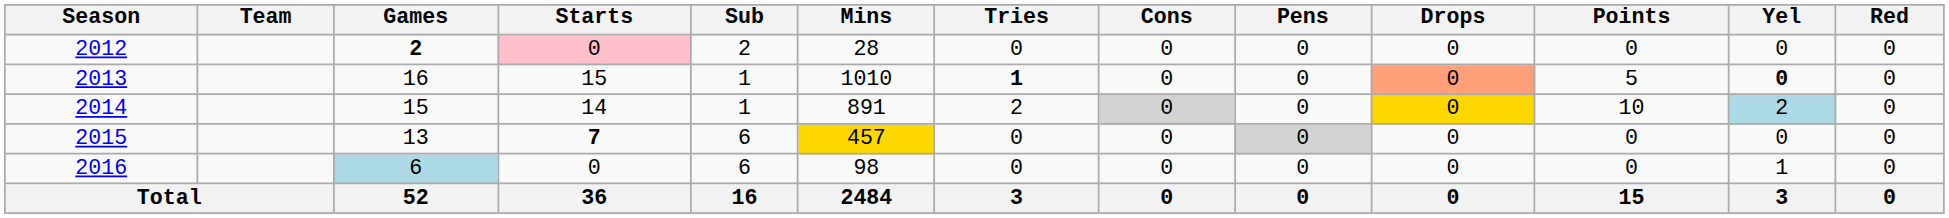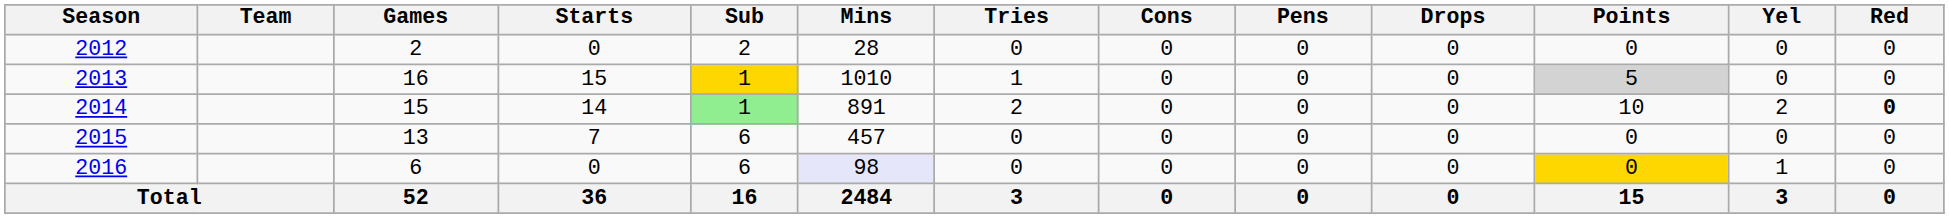 <table class="wikitable" style="text-align:center; line-height:90%; font-size:95%; width:70%;">
 <tr>
 <th>Season</th>
 <th>Team</th>
 <th>Games</th>
 <th>Starts</th>
 <th>Sub</th>
 <th>Mins</th>
 <th>Tries</th>
 <th>Cons</th>
 <th>Pens</th>
 <th>Drops</th>
 <th>Points</th>
 <th>Yel</th>
 <th>Red</th>
 </tr>
 <tr>
 <td><a href='#'>2012</a></td>
 <td></td>
-<td><strong>2</strong></td>
-<td style="background: pink;">0</td>
+<td>2</td>
+<td>0</td>
 <td>2</td>
 <td>28</td>
 <td>0</td>
 <td>0</td>
 <td>0</td>
 <td>0</td>
 <td>0</td>
 <td>0</td>
 <td>0</td>
 </tr>
 <tr>
 <td><a href='#'>2013</a></td>
 <td></td>
 <td>16</td>
 <td>15</td>
+<td style="background: gold;">1</td>
+<td>1010</td>
 <td>1</td>
-<td>1010</td>
-<td><strong>1</strong></td>
 <td>0</td>
 <td>0</td>
-<td style="background: lightsalmon;">0</td>
-<td>5</td>
-<td><strong>0</strong></td>
+<td>0</td>
+<td style="background: lightgrey;">5</td>
+<td>0</td>
 <td>0</td>
 </tr>
 <tr>
 <td><a href='#'>2014</a></td>
 <td></td>
 <td>15</td>
 <td>14</td>
-<td>1</td>
+<td style="background: lightgreen;">1</td>
 <td>891</td>
 <td>2</td>
-<td style="background: lightgrey;">0</td>
 <td>0</td>
-<td style="background: gold;">0</td>
+<td>0</td>
+<td>0</td>
 <td>10</td>
-<td style="background: lightblue;">2</td>
-<td>0</td>
+<td>2</td>
+<td><strong>0</strong></td>
 </tr>
 <tr>
 <td><a href='#'>2015</a></td>
 <td></td>
 <td>13</td>
-<td><strong>7</strong></td>
+<td>7</td>
 <td>6</td>
-<td style="background: gold;">457</td>
+<td>457</td>
 <td>0</td>
 <td>0</td>
-<td style="background: lightgrey;">0</td>
+<td>0</td>
 <td>0</td>
 <td>0</td>
 <td>0</td>
 <td>0</td>
 </tr>
 <tr>
 <td><a href='#'>2016</a></td>
 <td></td>
-<td style="background: lightblue;">6</td>
+<td>6</td>
 <td>0</td>
 <td>6</td>
-<td>98</td>
+<td style="background: lavender;">98</td>
 <td>0</td>
 <td>0</td>
 <td>0</td>
 <td>0</td>
-<td>0</td>
+<td style="background: gold;">0</td>
 <td>1</td>
 <td>0</td>
 </tr>
 <tr>
 <th colspan="2">Total</th>
 <th>52</th>
 <th>36</th>
 <th>16</th>
 <th>2484</th>
 <th>3</th>
 <th>0</th>
 <th>0</th>
 <th>0</th>
 <th>15</th>
 <th>3</th>
 <th>0</th>
 </tr>
 </table>
